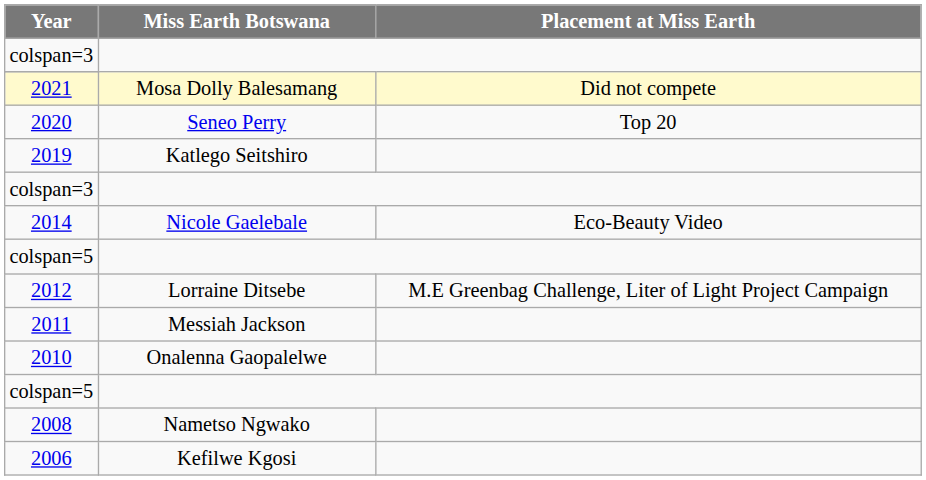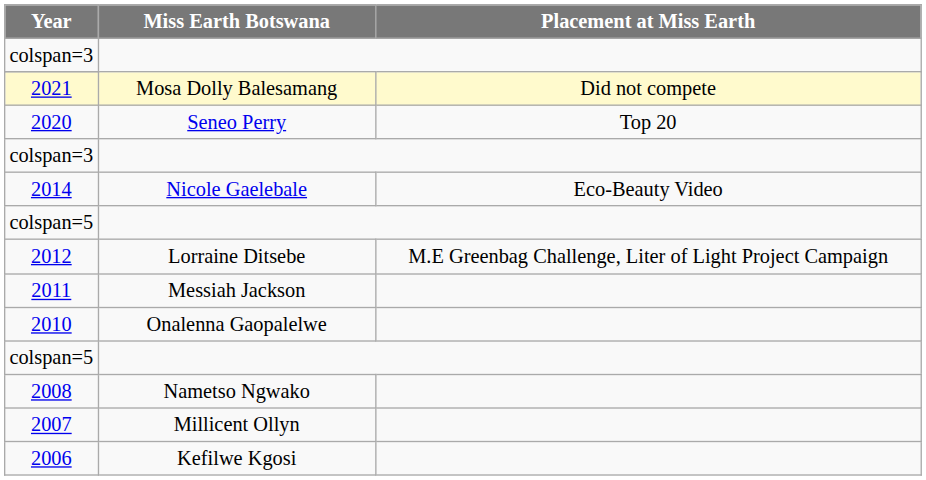 <table class="wikitable sortable" style="font-size: 95%; text-align:center">
 <tr>
 <th width="30" style="background-color:#787878;color:#FFFFFF;">Year</th>
 <th width="200" style="background-color:#787878;color:#FFFFFF;">Miss Earth Botswana</th>
 <th width="400" style="background-color:#787878;color:#FFFFFF;">Placement at Miss Earth</th>
 </tr>
 <tr>
 <td>colspan=3 </td>
 </tr>
 <tr>
 </tr>
 <tr style="background-color:#FFFACD;">
 <td><a href='#'>2021</a></td>
 <td>Mosa Dolly Balesamang</td>
 <td>Did not compete</td>
 </tr>
 <tr>
 <td><a href='#'>2020</a></td>
 <td><a href='#'>Seneo Perry</a></td>
 <td>Top 20</td>
-</tr>
-<tr>
-<td><a href='#'>2019</a></td>
-<td>Katlego Seitshiro</td>
-<td></td>
 </tr>
 <tr>
 <td>colspan=3 </td>
 </tr>
 <tr>
 <td><a href='#'>2014</a></td>
 <td><a href='#'>Nicole Gaelebale</a></td>
 <td>Eco-Beauty Video</td>
 </tr>
 <tr>
 <td>colspan=5 </td>
 </tr>
 <tr>
 <td><a href='#'>2012</a></td>
 <td>Lorraine Ditsebe</td>
 <td> M.E Greenbag Challenge,  Liter of Light Project Campaign</td>
 </tr>
 <tr>
 <td><a href='#'>2011</a></td>
 <td>Messiah Jackson</td>
 <td></td>
 </tr>
 <tr>
 <td><a href='#'>2010</a></td>
 <td>Onalenna Gaopalelwe</td>
 <td></td>
 </tr>
 <tr>
 <td>colspan=5 </td>
 </tr>
 <tr>
 <td><a href='#'>2008</a></td>
 <td>Nametso Ngwako</td>
 <td></td>
 </tr>
 <tr>
+<td><a href='#'>2007</a></td>
+<td>Millicent Ollyn</td>
+<td></td>
+</tr>
+<tr>
 <td><a href='#'>2006</a></td>
 <td>Kefilwe Kgosi</td>
 <td></td>
 </tr>
 </table>
